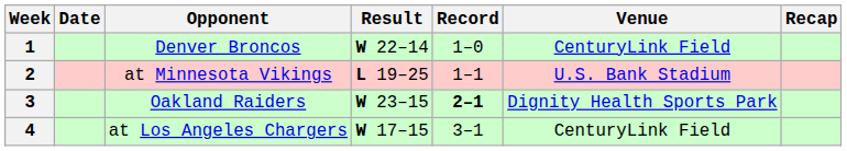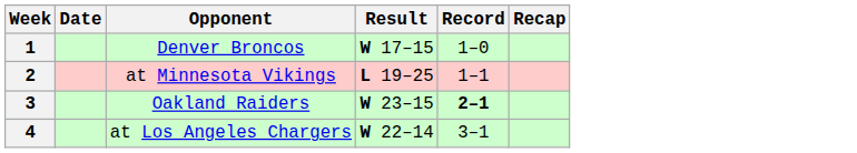 <table class="wikitable" style="text-align:center">
 <tr>
 <th>Week</th>
 <th>Date</th>
 <th>Opponent</th>
 <th>Result</th>
 <th>Record</th>
-<th>Venue</th>
 <th>Recap</th>
 </tr>
 <tr style="background:#cfc">
 <th>1</th>
 <td></td>
 <td><a href='#'>Denver Broncos</a></td>
-<td><strong>W</strong> 22–14</td>
+<td><strong>W</strong> 17–15</td>
 <td>1–0</td>
-<td><a href='#'>CenturyLink Field</a></td>
 <td></td>
 </tr>
 <tr style="background:#fcc">
 <th>2</th>
 <td></td>
 <td>at <a href='#'>Minnesota Vikings</a></td>
 <td><strong>L</strong> 19–25</td>
 <td>1–1</td>
-<td><a href='#'>U.S. Bank Stadium</a></td>
 <td></td>
 </tr>
 <tr style="background:#cfc">
 <th>3</th>
 <td></td>
 <td><a href='#'>Oakland Raiders</a></td>
 <td><strong>W</strong> 23–15</td>
 <td><strong>2–1</strong></td>
-<td><a href='#'>Dignity Health Sports Park</a></td>
 <td></td>
 </tr>
 <tr style="background:#cfc">
 <th>4</th>
 <td></td>
 <td>at <a href='#'>Los Angeles Chargers</a></td>
-<td><strong>W</strong> 17–15</td>
+<td><strong>W</strong> 22–14</td>
 <td>3–1</td>
-<td>CenturyLink Field</td>
 <td></td>
 </tr>
 </table>
